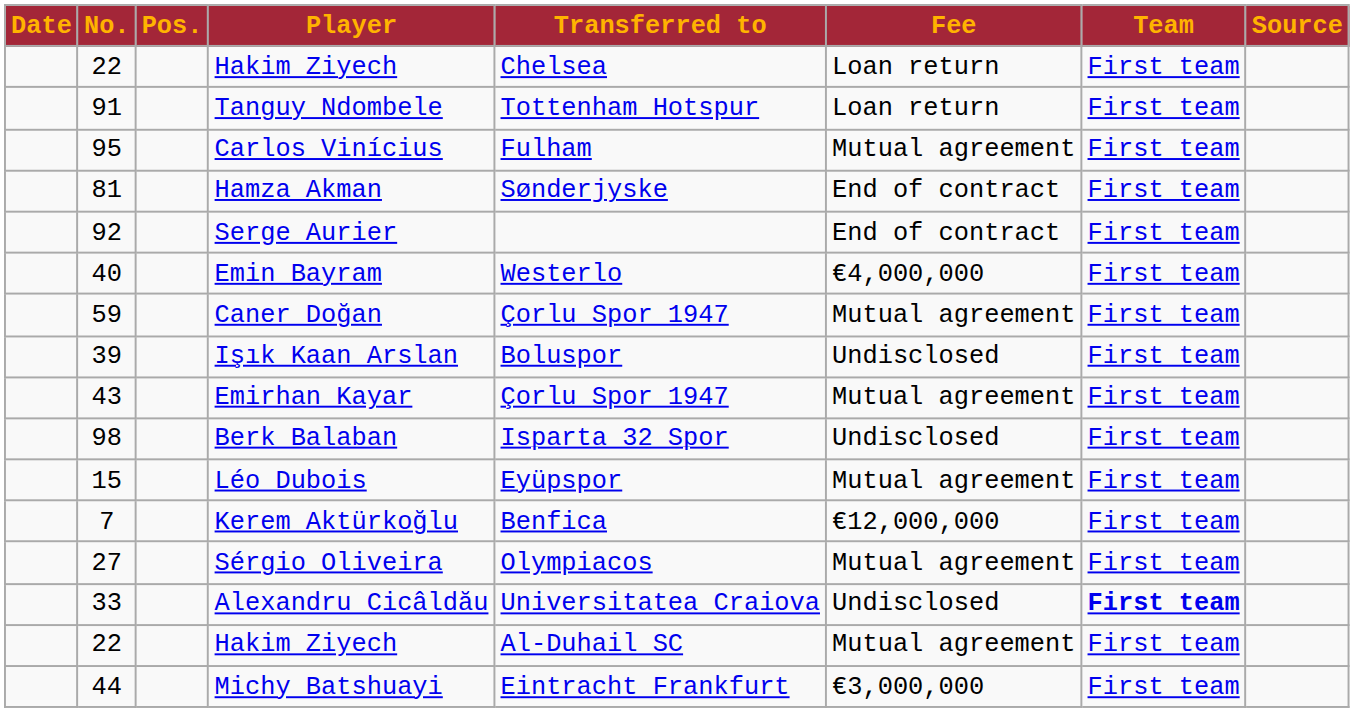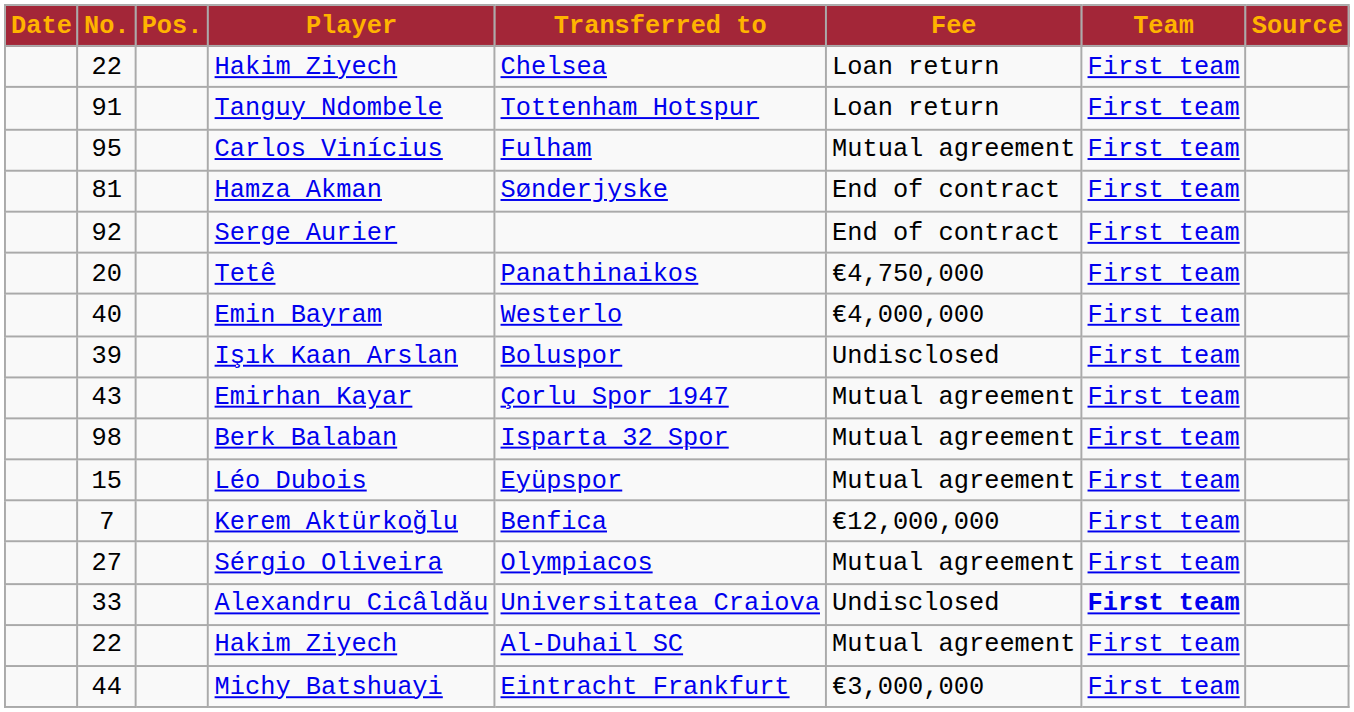 <table class="wikitable plainrowheaders sortable">
 <tr>
 <th style="background:#A32638; color:#FFB300; ">Date</th>
 <th style="background:#A32638; color:#FFB300; ">No.</th>
 <th style="background:#A32638; color:#FFB300; ">Pos.</th>
 <th style="background:#A32638; color:#FFB300; ">Player</th>
 <th style="background:#A32638; color:#FFB300; ">Transferred to</th>
 <th style="background:#A32638; color:#FFB300; ">Fee</th>
 <th style="background:#A32638; color:#FFB300; ">Team</th>
 <th style="background:#A32638; color:#FFB300; ">Source</th>
 </tr>
 <tr>
 <td></td>
 <td align=center>22</td>
 <td align=center></td>
 <td align=left> <a href='#'>Hakim Ziyech</a></td>
 <td align=left> <a href='#'>Chelsea</a></td>
 <td>Loan return</td>
 <td><a href='#'>First team</a></td>
 <td align=center></td>
 </tr>
 <tr>
 <td></td>
 <td align=center>91</td>
 <td align=center></td>
 <td align=left> <a href='#'>Tanguy Ndombele</a></td>
 <td align=left> <a href='#'>Tottenham Hotspur</a></td>
 <td>Loan return</td>
 <td><a href='#'>First team</a></td>
 <td align=center></td>
 </tr>
 <tr>
 <td></td>
 <td align=center>95</td>
 <td align=center></td>
 <td align=left> <a href='#'>Carlos Vinícius</a></td>
 <td align=left> <a href='#'>Fulham</a></td>
 <td>Mutual agreement</td>
 <td><a href='#'>First team</a></td>
 <td align=center></td>
 </tr>
 <tr>
 <td></td>
 <td align=center>81</td>
 <td align=center></td>
 <td> <a href='#'>Hamza Akman</a></td>
 <td> <a href='#'>Sønderjyske</a></td>
 <td>End of contract</td>
 <td><a href='#'>First team</a></td>
 <td align=center></td>
 </tr>
 <tr>
 <td></td>
 <td align=center>92</td>
 <td align=center></td>
 <td> <a href='#'>Serge Aurier</a></td>
 <td></td>
 <td>End of contract</td>
 <td><a href='#'>First team</a></td>
 <td align=center></td>
 </tr>
 <tr>
 <td></td>
+<td align=center>20</td>
+<td align=center></td>
+<td align=left> <a href='#'>Tetê</a></td>
+<td align=left> <a href='#'>Panathinaikos</a></td>
+<td>€4,750,000</td>
+<td><a href='#'>First team</a></td>
+<td align=center></td>
+</tr>
+<tr>
+<td></td>
 <td align=center>40</td>
 <td align=center></td>
 <td align=left> <a href='#'>Emin Bayram</a></td>
 <td align=left> <a href='#'>Westerlo</a></td>
 <td>€4,000,000</td>
-<td><a href='#'>First team</a></td>
-<td align=center></td>
-</tr>
-<tr>
-<td></td>
-<td align=center>59</td>
-<td align=center></td>
-<td align=left> <a href='#'>Caner Doğan</a></td>
-<td align=left> <a href='#'>Çorlu Spor 1947</a></td>
-<td>Mutual agreement</td>
 <td><a href='#'>First team</a></td>
 <td align=center></td>
 </tr>
 <tr>
 <td></td>
 <td align=center>39</td>
 <td align=center></td>
 <td align=left> <a href='#'>Işık Kaan Arslan</a></td>
 <td align=left> <a href='#'>Boluspor</a></td>
 <td>Undisclosed</td>
 <td><a href='#'>First team</a></td>
 <td align=center></td>
 </tr>
 <tr>
 <td></td>
 <td align=center>43</td>
 <td align=center></td>
 <td align=left> <a href='#'>Emirhan Kayar</a></td>
 <td align=left> <a href='#'>Çorlu Spor 1947</a></td>
 <td>Mutual agreement</td>
 <td><a href='#'>First team</a></td>
 <td align=center></td>
 </tr>
 <tr>
 <td></td>
 <td align=center>98</td>
 <td align=center></td>
 <td align=left> <a href='#'>Berk Balaban</a></td>
 <td align=left> <a href='#'>Isparta 32 Spor</a></td>
-<td>Undisclosed</td>
+<td>Mutual agreement</td>
 <td><a href='#'>First team</a></td>
 <td align=center></td>
 </tr>
 <tr>
 <td></td>
 <td align=center>15</td>
 <td align=center></td>
 <td align=left> <a href='#'>Léo Dubois</a></td>
 <td align=left> <a href='#'>Eyüpspor</a></td>
 <td>Mutual agreement</td>
 <td><a href='#'>First team</a></td>
 <td align=center></td>
 </tr>
 <tr>
 <td></td>
 <td align=center>7</td>
 <td align=center></td>
 <td align=left> <a href='#'>Kerem Aktürkoğlu</a></td>
 <td align=left> <a href='#'>Benfica</a></td>
 <td>€12,000,000</td>
 <td><a href='#'>First team</a></td>
 <td align=center></td>
 </tr>
 <tr>
 <td></td>
 <td align=center>27</td>
 <td align=center></td>
 <td align=left> <a href='#'>Sérgio Oliveira</a></td>
 <td align=left> <a href='#'>Olympiacos</a></td>
 <td>Mutual agreement</td>
 <td><a href='#'>First team</a></td>
 <td align=center></td>
 </tr>
 <tr>
 <td></td>
 <td align=center>33</td>
 <td align=center></td>
 <td align=left> <a href='#'>Alexandru Cicâldău</a></td>
 <td align=left> <a href='#'>Universitatea Craiova</a></td>
 <td>Undisclosed</td>
 <td><strong><a href='#'>First team</a></strong></td>
 <td align=center></td>
 </tr>
 <tr>
 <td></td>
 <td align=center>22</td>
 <td align=center></td>
 <td align=left> <a href='#'>Hakim Ziyech</a></td>
 <td align=left> <a href='#'>Al-Duhail SC</a></td>
 <td>Mutual agreement</td>
 <td><a href='#'>First team</a></td>
 <td align=center></td>
 </tr>
 <tr>
 <td></td>
 <td align=center>44</td>
 <td align=center></td>
 <td align=left> <a href='#'>Michy Batshuayi</a></td>
 <td align=left> <a href='#'>Eintracht Frankfurt</a></td>
 <td>€3,000,000</td>
 <td><a href='#'>First team</a></td>
 <td align=center></td>
 </tr>
 </table>
